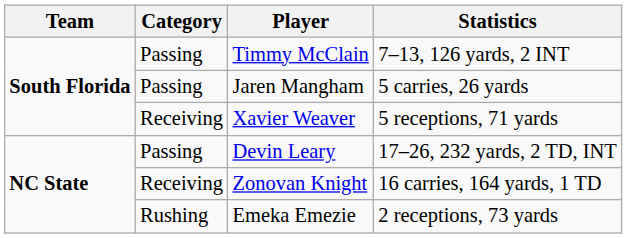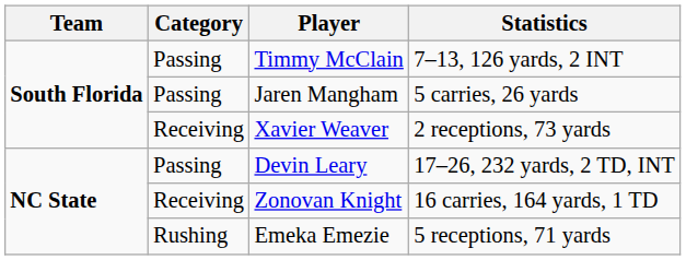 <table class="wikitable" style="float: left;">
 <tr>
 <th>Team</th>
 <th>Category</th>
 <th>Player</th>
 <th>Statistics</th>
 </tr>
 <tr>
 <td rowspan=3><strong>South Florida</strong></td>
 <td>Passing</td>
 <td><a href='#'>Timmy McClain</a></td>
 <td>7–13, 126 yards, 2 INT</td>
 </tr>
 <tr>
 <td>Passing</td>
 <td>Jaren Mangham</td>
 <td>5 carries, 26 yards</td>
 </tr>
 <tr>
 <td>Receiving</td>
 <td><a href='#'>Xavier Weaver</a></td>
-<td>5 receptions, 71 yards</td>
+<td>2 receptions, 73 yards</td>
 </tr>
 <tr>
 <td rowspan=3><strong>NC State</strong></td>
 <td>Passing</td>
 <td><a href='#'>Devin Leary</a></td>
 <td>17–26, 232 yards, 2 TD, INT</td>
 </tr>
 <tr>
 <td>Receiving</td>
 <td><a href='#'>Zonovan Knight</a></td>
 <td>16 carries, 164 yards, 1 TD</td>
 </tr>
 <tr>
 <td>Rushing</td>
 <td>Emeka Emezie</td>
-<td>2 receptions, 73 yards</td>
+<td>5 receptions, 71 yards</td>
 </tr>
 </table>
